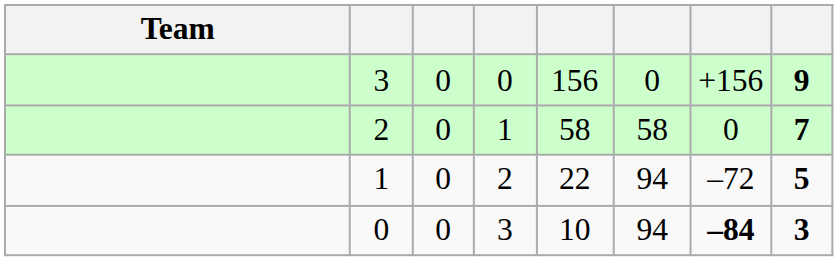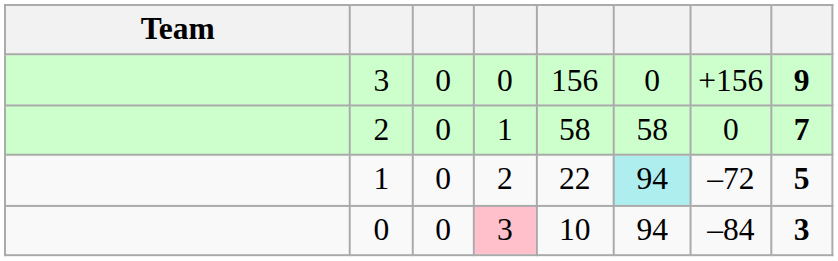 <table class="wikitable" style="text-align:center;">
 <tr>
 <th style="width:10.5em;">Team</th>
 <th style="width:1.5em;"></th>
 <th style="width:1.5em;"></th>
 <th style="width:1.5em;"></th>
 <th style="width:2.0em;"></th>
 <th style="width:2.0em;"></th>
 <th style="width:2.0em;"></th>
 <th style="width:1.5em;"></th>
 </tr>
 <tr bgcolor=#cfc>
 <td align="left"></td>
 <td>3</td>
 <td>0</td>
 <td>0</td>
 <td>156</td>
 <td>0</td>
 <td>+156</td>
 <td><strong>9</strong></td>
 </tr>
 <tr bgcolor=#cfc>
 <td align="left"></td>
 <td>2</td>
 <td>0</td>
 <td>1</td>
 <td>58</td>
 <td>58</td>
 <td>0</td>
 <td><strong>7</strong></td>
 </tr>
 <tr>
 <td align="left"></td>
 <td>1</td>
 <td>0</td>
 <td>2</td>
 <td>22</td>
-<td>94</td>
+<td style="background: paleturquoise;">94</td>
 <td>–72</td>
 <td><strong>5</strong></td>
 </tr>
 <tr>
 <td align="left"></td>
 <td>0</td>
 <td>0</td>
-<td>3</td>
+<td style="background: pink;">3</td>
 <td>10</td>
 <td>94</td>
-<td><strong>–84</strong></td>
+<td>–84</td>
 <td><strong>3</strong></td>
 </tr>
 </table>
